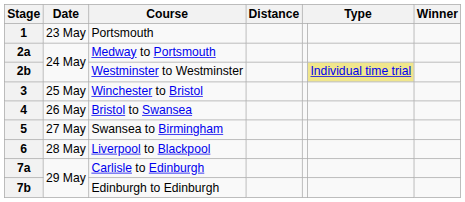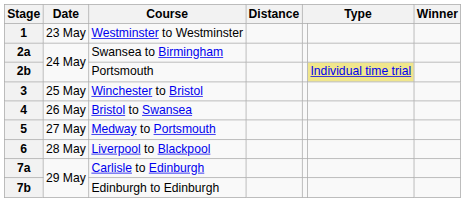 <table class="wikitable">
 <tr>
 <th scope="col">Stage</th>
 <th scope="col">Date</th>
 <th scope="col">Course</th>
 <th scope="col">Distance</th>
 <th scope="col" colspan="2">Type</th>
 <th scope="col">Winner</th>
 </tr>
 <tr>
 <th scope="row">1</th>
 <td style="text-align:right;">23 May</td>
-<td>Portsmouth</td>
+<td><a href='#'>Westminster</a> to Westminster</td>
 <td></td>
 <td></td>
 <td></td>
 <td></td>
 </tr>
 <tr>
 <th scope="row">2a</th>
 <td style="text-align:right;" rowspan=2>24 May</td>
-<td><a href='#'>Medway</a> to <a href='#'>Portsmouth</a></td>
+<td>Swansea to <a href='#'>Birmingham</a></td>
 <td></td>
 <td></td>
 <td></td>
 <td></td>
 </tr>
 <tr>
 <th scope="row">2b</th>
-<td><a href='#'>Westminster</a> to Westminster</td>
+<td>Portsmouth</td>
 <td></td>
 <td></td>
 <td style="background: khaki;"><a href='#'>Individual time trial</a></td>
 <td></td>
 </tr>
 <tr>
 <th scope="row">3</th>
 <td style="text-align:right;">25 May</td>
 <td><a href='#'>Winchester</a> to <a href='#'>Bristol</a></td>
 <td></td>
 <td></td>
 <td></td>
 <td></td>
 </tr>
 <tr>
 <th scope="row">4</th>
 <td style="text-align:right;">26 May</td>
 <td><a href='#'>Bristol</a> to <a href='#'>Swansea</a></td>
 <td></td>
 <td></td>
 <td></td>
 <td></td>
 </tr>
 <tr>
 <th scope="row">5</th>
 <td style="text-align:right;">27 May</td>
-<td>Swansea to <a href='#'>Birmingham</a></td>
+<td><a href='#'>Medway</a> to <a href='#'>Portsmouth</a></td>
 <td></td>
 <td></td>
 <td></td>
 <td></td>
 </tr>
 <tr>
 <th scope="row">6</th>
 <td style="text-align:right;">28 May</td>
 <td><a href='#'>Liverpool</a> to <a href='#'>Blackpool</a></td>
 <td></td>
 <td></td>
 <td></td>
 <td></td>
 </tr>
 <tr>
 <th scope="row">7a</th>
 <td style="text-align:right;" rowspan=2>29 May</td>
 <td><a href='#'>Carlisle</a> to <a href='#'>Edinburgh</a></td>
 <td></td>
 <td></td>
 <td></td>
 <td></td>
 </tr>
 <tr>
 <th scope="row">7b</th>
 <td>Edinburgh to Edinburgh</td>
 <td></td>
 <td></td>
 <td></td>
 <td></td>
 </tr>
 </table>
